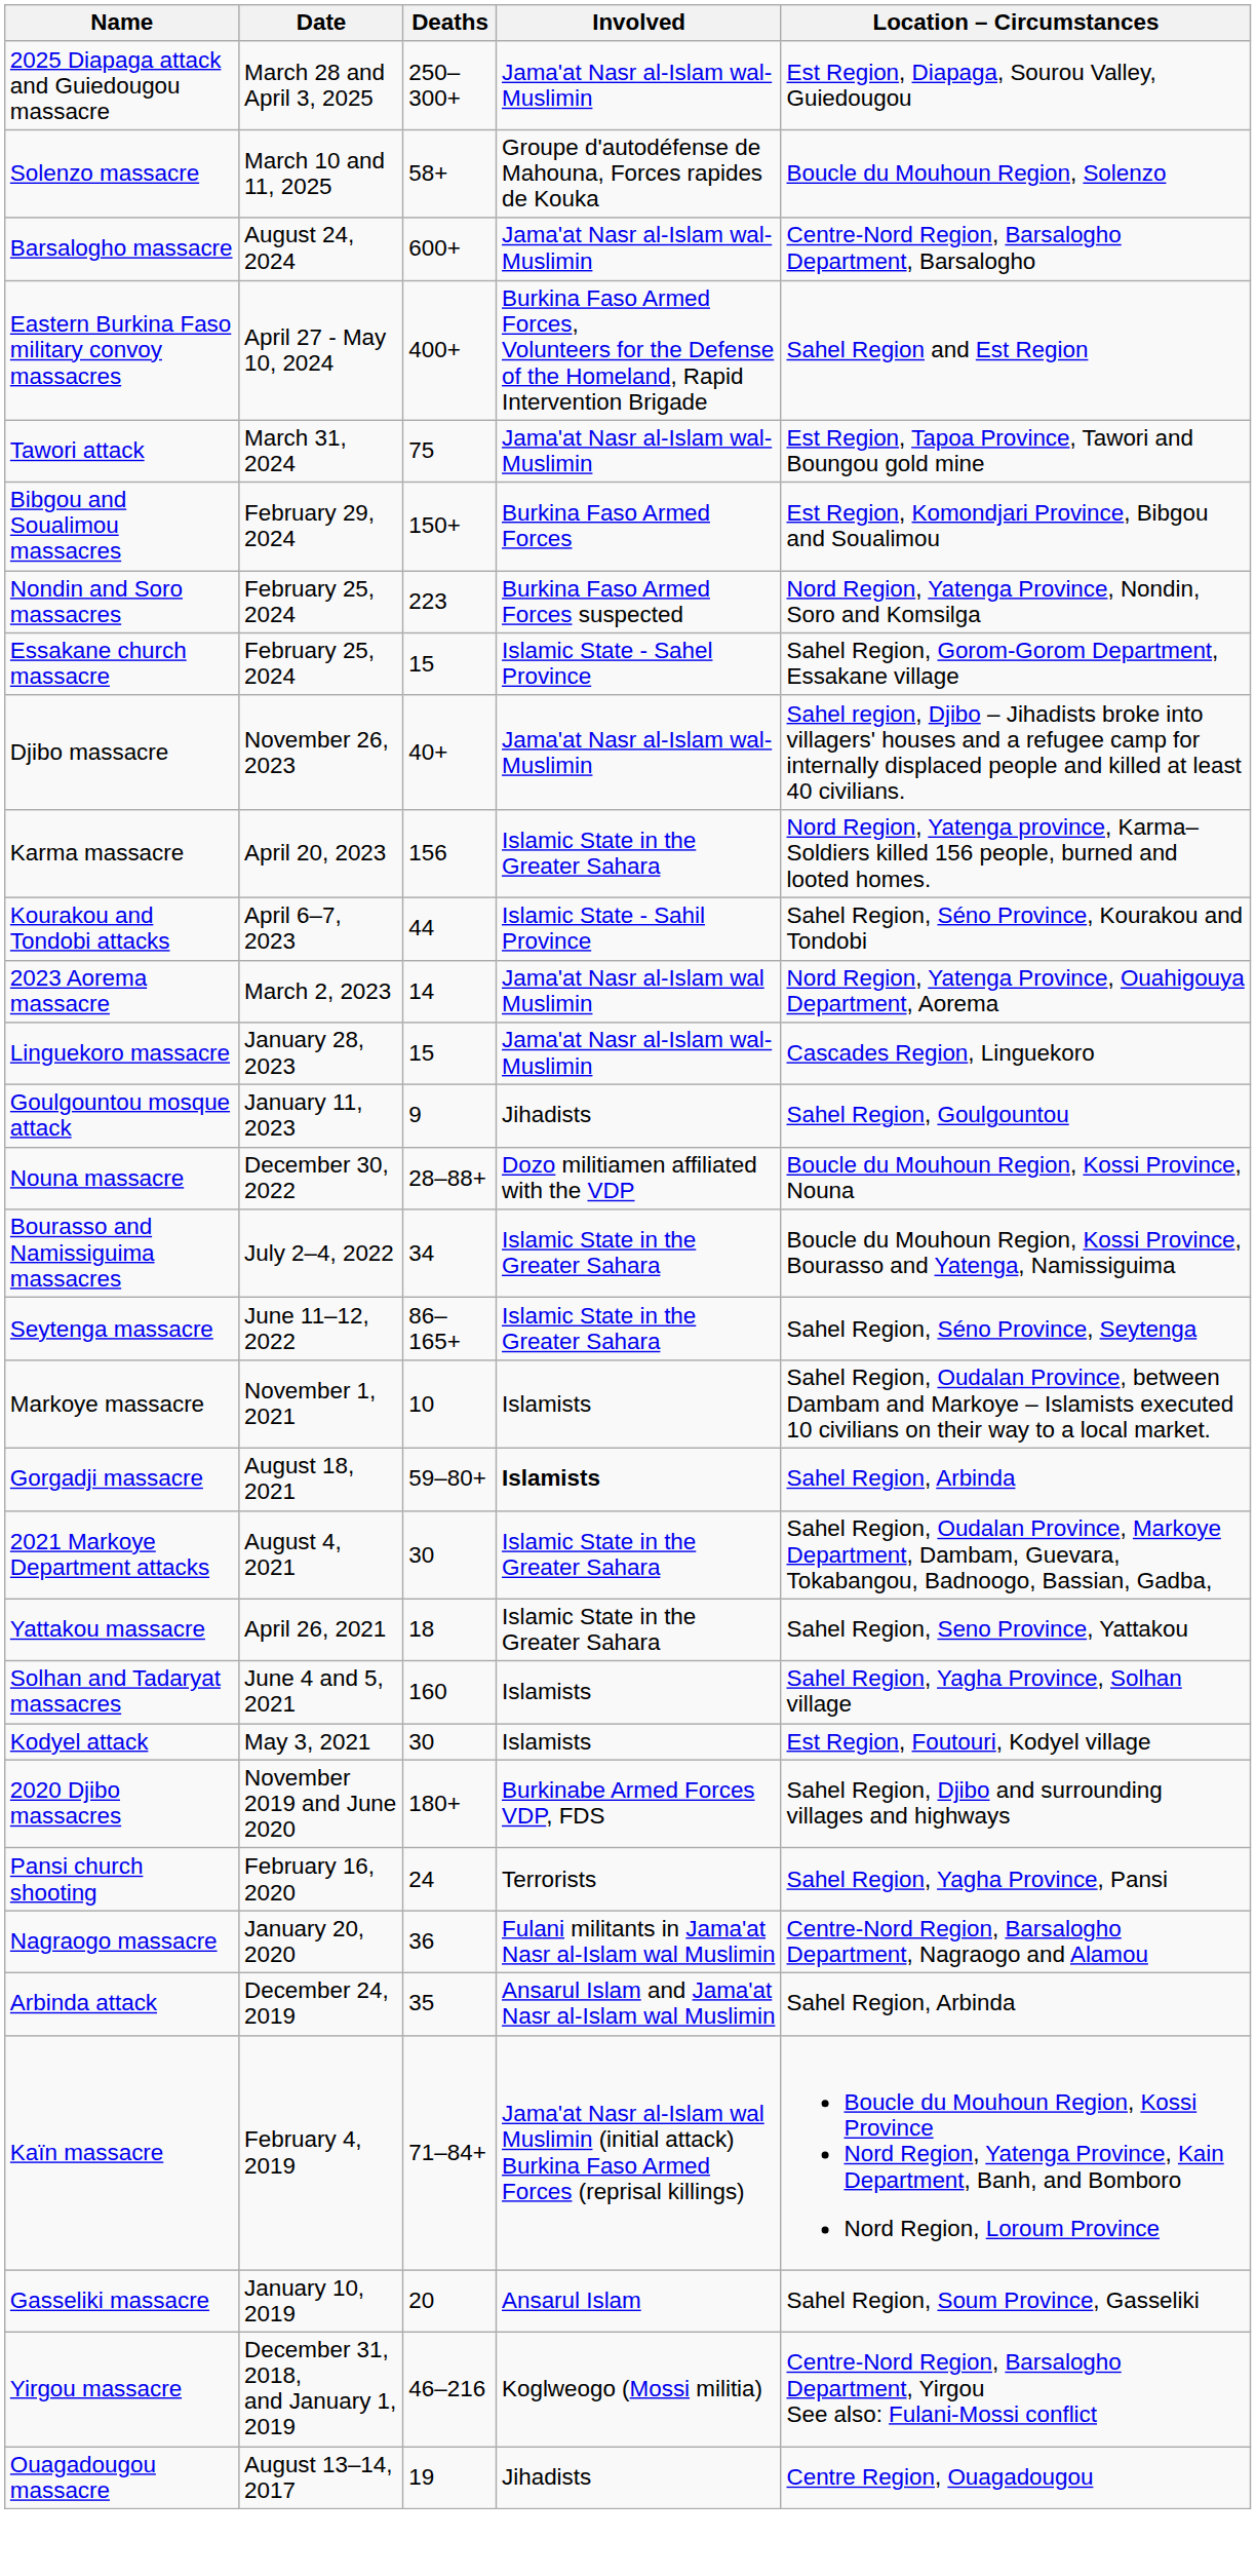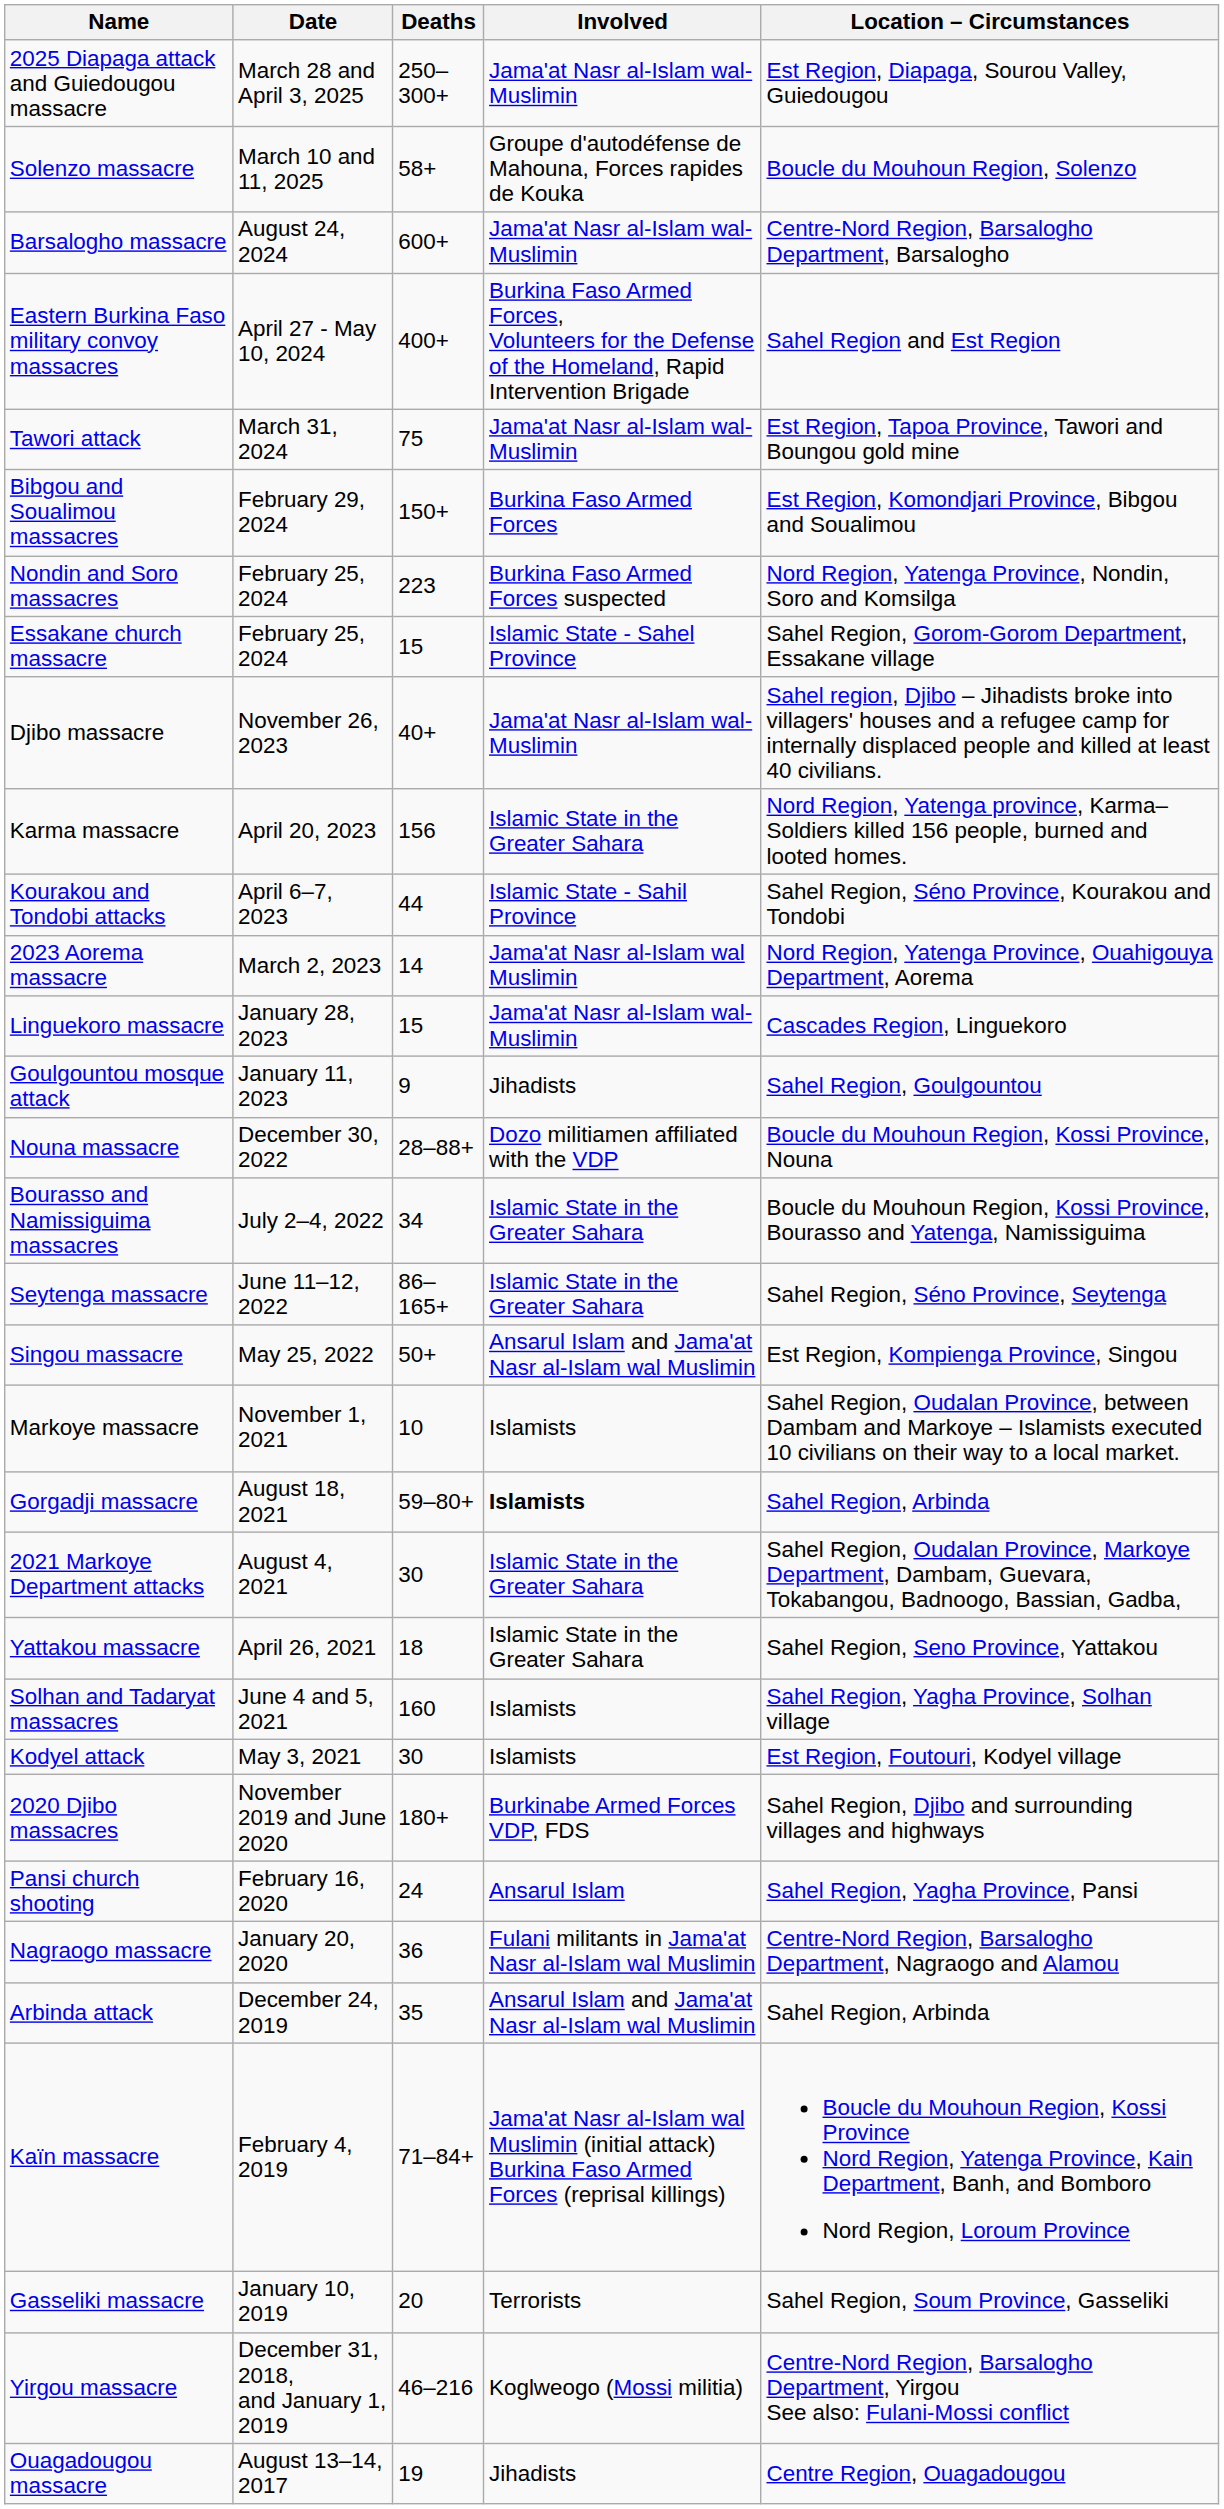 <table class="sortable wikitable">
 <tr>
 <th>Name</th>
 <th>Date</th>
 <th>Deaths</th>
 <th>Involved</th>
 <th class="sortable">Location – Circumstances</th>
 </tr>
 <tr>
 <td><a href='#'>2025 Diapaga attack</a> and Guiedougou massacre</td>
 <td>March 28 and April 3, 2025</td>
 <td>250–300+</td>
 <td><a href='#'>Jama'at Nasr al-Islam wal-Muslimin</a></td>
 <td><a href='#'>Est Region</a>, <a href='#'>Diapaga</a>, Sourou Valley, Guiedougou</td>
 </tr>
 <tr>
 <td><a href='#'>Solenzo massacre</a></td>
 <td>March 10 and 11, 2025</td>
 <td>58+</td>
 <td>Groupe d'autodéfense de Mahouna, Forces rapides de Kouka</td>
 <td><a href='#'>Boucle du Mouhoun Region</a>, <a href='#'>Solenzo</a></td>
 </tr>
 <tr>
 <td><a href='#'>Barsalogho massacre</a></td>
 <td>August 24, 2024</td>
 <td>600+</td>
 <td><a href='#'>Jama'at Nasr al-Islam wal-Muslimin</a></td>
 <td><a href='#'>Centre-Nord Region</a>, <a href='#'>Barsalogho Department</a>, Barsalogho</td>
 </tr>
 <tr>
 <td><a href='#'>Eastern Burkina Faso military convoy massacres</a></td>
 <td>April 27 - May 10, 2024</td>
 <td>400+</td>
 <td><a href='#'>Burkina Faso Armed Forces</a>,<br><a href='#'>Volunteers for the Defense of the Homeland</a>,  Rapid Intervention Brigade</td>
 <td><a href='#'>Sahel Region</a> and <a href='#'>Est Region</a></td>
 </tr>
 <tr>
 <td><a href='#'>Tawori attack</a></td>
 <td>March 31, 2024</td>
 <td>75</td>
 <td><a href='#'>Jama'at Nasr al-Islam wal-Muslimin</a></td>
 <td><a href='#'>Est Region</a>, <a href='#'>Tapoa Province</a>, Tawori and Boungou gold mine</td>
 </tr>
 <tr>
 <td><a href='#'>Bibgou and Soualimou massacres</a></td>
 <td>February 29, 2024</td>
 <td>150+</td>
 <td><a href='#'>Burkina Faso Armed Forces</a></td>
 <td><a href='#'>Est Region</a>, <a href='#'>Komondjari Province</a>, Bibgou and Soualimou</td>
 </tr>
 <tr>
 <td><a href='#'>Nondin and Soro massacres</a></td>
 <td>February 25, 2024</td>
 <td>223</td>
 <td><a href='#'>Burkina Faso Armed Forces</a> suspected</td>
 <td><a href='#'>Nord Region</a>, <a href='#'>Yatenga Province</a>, Nondin, Soro and Komsilga</td>
 </tr>
 <tr>
 <td><a href='#'>Essakane church massacre</a></td>
 <td>February 25, 2024</td>
 <td>15</td>
 <td><a href='#'>Islamic State - Sahel Province</a></td>
 <td>Sahel Region, <a href='#'>Gorom-Gorom Department</a>, Essakane village</td>
 </tr>
 <tr>
 <td>Djibo massacre</td>
 <td>November 26, 2023</td>
 <td>40+</td>
 <td><a href='#'>Jama'at Nasr al-Islam wal-Muslimin</a></td>
 <td><a href='#'>Sahel region</a>, <a href='#'>Djibo</a> – Jihadists broke into villagers' houses and a refugee camp for internally displaced people and killed at least 40 civilians.</td>
 </tr>
 <tr>
 <td>Karma massacre</td>
 <td>April 20, 2023</td>
 <td>156</td>
 <td><a href='#'>Islamic State in the Greater Sahara</a></td>
 <td><a href='#'>Nord Region</a>, <a href='#'>Yatenga province</a>, Karma– Soldiers killed 156 people, burned and looted homes.</td>
 </tr>
 <tr>
 <td><a href='#'>Kourakou and Tondobi attacks</a></td>
 <td>April 6–7, 2023</td>
 <td>44</td>
 <td><a href='#'>Islamic State - Sahil Province</a></td>
 <td>Sahel Region, <a href='#'>Séno Province</a>, Kourakou and Tondobi</td>
 </tr>
 <tr>
 <td><a href='#'>2023 Aorema massacre</a></td>
 <td>March 2, 2023</td>
 <td>14</td>
 <td><a href='#'>Jama'at Nasr al-Islam wal Muslimin</a></td>
 <td><a href='#'>Nord Region</a>, <a href='#'>Yatenga Province</a>, <a href='#'>Ouahigouya Department</a>, Aorema</td>
 </tr>
 <tr>
 <td><a href='#'>Linguekoro massacre</a></td>
 <td>January 28, 2023</td>
 <td>15</td>
 <td><a href='#'>Jama'at Nasr al-Islam wal-Muslimin</a></td>
 <td><a href='#'>Cascades Region</a>, Linguekoro</td>
 </tr>
 <tr>
 <td><a href='#'>Goulgountou mosque attack</a></td>
 <td>January 11, 2023</td>
 <td>9</td>
 <td>Jihadists</td>
 <td><a href='#'>Sahel Region</a>, <a href='#'>Goulgountou</a></td>
 </tr>
 <tr>
 <td><a href='#'>Nouna massacre</a></td>
 <td>December 30, 2022</td>
 <td>28–88+</td>
 <td><a href='#'>Dozo</a> militiamen affiliated with the <a href='#'>VDP</a></td>
 <td><a href='#'>Boucle du Mouhoun Region</a>, <a href='#'>Kossi Province</a>, Nouna</td>
 </tr>
 <tr>
 <td><a href='#'>Bourasso and Namissiguima massacres</a></td>
 <td>July 2–4, 2022</td>
 <td>34</td>
 <td><a href='#'>Islamic State in the Greater Sahara</a></td>
 <td>Boucle du Mouhoun Region, <a href='#'>Kossi Province</a>, Bourasso and <a href='#'>Yatenga</a>, Namissiguima</td>
 </tr>
 <tr>
 <td><a href='#'>Seytenga massacre</a></td>
 <td>June 11–12, 2022</td>
 <td>86–165+</td>
 <td><a href='#'>Islamic State in the Greater Sahara</a></td>
 <td>Sahel Region, <a href='#'>Séno Province</a>, <a href='#'>Seytenga</a></td>
 </tr>
 <tr>
+<td><a href='#'>Singou massacre</a></td>
+<td>May 25, 2022</td>
+<td>50+</td>
+<td><a href='#'>Ansarul Islam</a> and <a href='#'>Jama'at Nasr al-Islam wal Muslimin</a></td>
+<td>Est Region, <a href='#'>Kompienga Province</a>, Singou</td>
+</tr>
+<tr>
 <td>Markoye massacre</td>
 <td>November 1, 2021</td>
 <td>10</td>
 <td>Islamists</td>
 <td>Sahel Region, <a href='#'>Oudalan Province</a>, between Dambam and Markoye – Islamists executed 10 civilians on their way to a local market.</td>
 </tr>
 <tr>
 <td><a href='#'>Gorgadji massacre</a></td>
 <td>August 18, 2021</td>
 <td>59–80+</td>
 <td><strong>Islamists</strong></td>
 <td><a href='#'>Sahel Region</a>, <a href='#'>Arbinda</a></td>
 </tr>
 <tr>
 <td><a href='#'>2021 Markoye Department attacks</a></td>
 <td>August 4, 2021</td>
 <td>30</td>
 <td><a href='#'>Islamic State in the Greater Sahara</a></td>
 <td>Sahel Region, <a href='#'>Oudalan Province</a>, <a href='#'>Markoye Department</a>, Dambam, Guevara, Tokabangou, Badnoogo, Bassian, Gadba,</td>
 </tr>
 <tr>
 <td><a href='#'>Yattakou massacre</a></td>
 <td>April 26, 2021</td>
 <td>18</td>
 <td>Islamic State in the Greater Sahara</td>
 <td>Sahel Region, <a href='#'>Seno Province</a>, Yattakou</td>
 </tr>
 <tr>
 <td><a href='#'>Solhan and Tadaryat massacres</a></td>
 <td>June 4 and 5, 2021</td>
 <td>160</td>
 <td>Islamists</td>
 <td><a href='#'>Sahel Region</a>, <a href='#'>Yagha Province</a>, <a href='#'>Solhan</a> village</td>
 </tr>
 <tr>
 <td><a href='#'>Kodyel attack</a></td>
 <td>May 3, 2021</td>
 <td>30</td>
 <td>Islamists</td>
 <td><a href='#'>Est Region</a>, <a href='#'>Foutouri</a>, Kodyel village</td>
 </tr>
 <tr>
 <td><a href='#'>2020 Djibo massacres</a></td>
 <td>November 2019 and June 2020</td>
 <td>180+</td>
 <td><a href='#'>Burkinabe Armed Forces</a><br><a href='#'>VDP</a>, FDS</td>
 <td>Sahel Region, <a href='#'>Djibo</a> and surrounding villages and highways</td>
 </tr>
 <tr>
 <td><a href='#'>Pansi church shooting</a></td>
 <td>February 16, 2020</td>
 <td>24</td>
-<td>Terrorists</td>
+<td><a href='#'>Ansarul Islam</a></td>
 <td><a href='#'>Sahel Region</a>, <a href='#'>Yagha Province</a>, Pansi</td>
 </tr>
 <tr>
 <td><a href='#'>Nagraogo massacre</a></td>
 <td>January 20, 2020</td>
 <td>36</td>
 <td><a href='#'>Fulani</a> militants in <a href='#'>Jama'at Nasr al-Islam wal Muslimin</a></td>
 <td><a href='#'>Centre-Nord Region</a>, <a href='#'>Barsalogho Department</a>, Nagraogo and <a href='#'>Alamou</a></td>
 </tr>
 <tr>
 <td><a href='#'>Arbinda attack</a></td>
 <td>December 24, 2019</td>
 <td>35</td>
 <td><a href='#'>Ansarul Islam</a> and <a href='#'>Jama'at Nasr al-Islam wal Muslimin</a></td>
 <td>Sahel Region, Arbinda</td>
 </tr>
 <tr>
 <td><a href='#'>Kaïn massacre</a></td>
 <td>February 4, 2019</td>
 <td>71–84+</td>
 <td><a href='#'>Jama'at Nasr al-Islam wal Muslimin</a> (initial attack)<br><a href='#'>Burkina Faso Armed Forces</a> (reprisal killings)</td>
 <td><br><ul><li><a href='#'>Boucle du Mouhoun Region</a>, <a href='#'>Kossi Province</a></li><li><a href='#'>Nord Region</a>, <a href='#'>Yatenga Province</a>, <a href='#'>Kain Department</a>, Banh, and Bomboro</li></ul><ul><li>Nord Region, <a href='#'>Loroum Province</a></li></ul></td>
 </tr>
 <tr>
 <td><a href='#'>Gasseliki massacre</a></td>
 <td>January 10, 2019</td>
 <td>20</td>
-<td><a href='#'>Ansarul Islam</a></td>
+<td>Terrorists</td>
 <td>Sahel Region, <a href='#'>Soum Province</a>, Gasseliki</td>
 </tr>
 <tr>
 <td><a href='#'>Yirgou massacre</a></td>
 <td>December 31, 2018,<br>and January 1, 2019</td>
 <td>46–216</td>
 <td>Koglweogo (<a href='#'>Mossi</a> militia)</td>
 <td><a href='#'>Centre-Nord Region</a>, <a href='#'>Barsalogho Department</a>, Yirgou<br>See also: <a href='#'>Fulani-Mossi conflict</a></td>
 </tr>
 <tr>
 <td><a href='#'>Ouagadougou massacre</a></td>
 <td>August 13–14, 2017</td>
 <td>19</td>
 <td>Jihadists</td>
 <td><a href='#'>Centre Region</a>, <a href='#'>Ouagadougou</a></td>
 </tr>
 </table>
